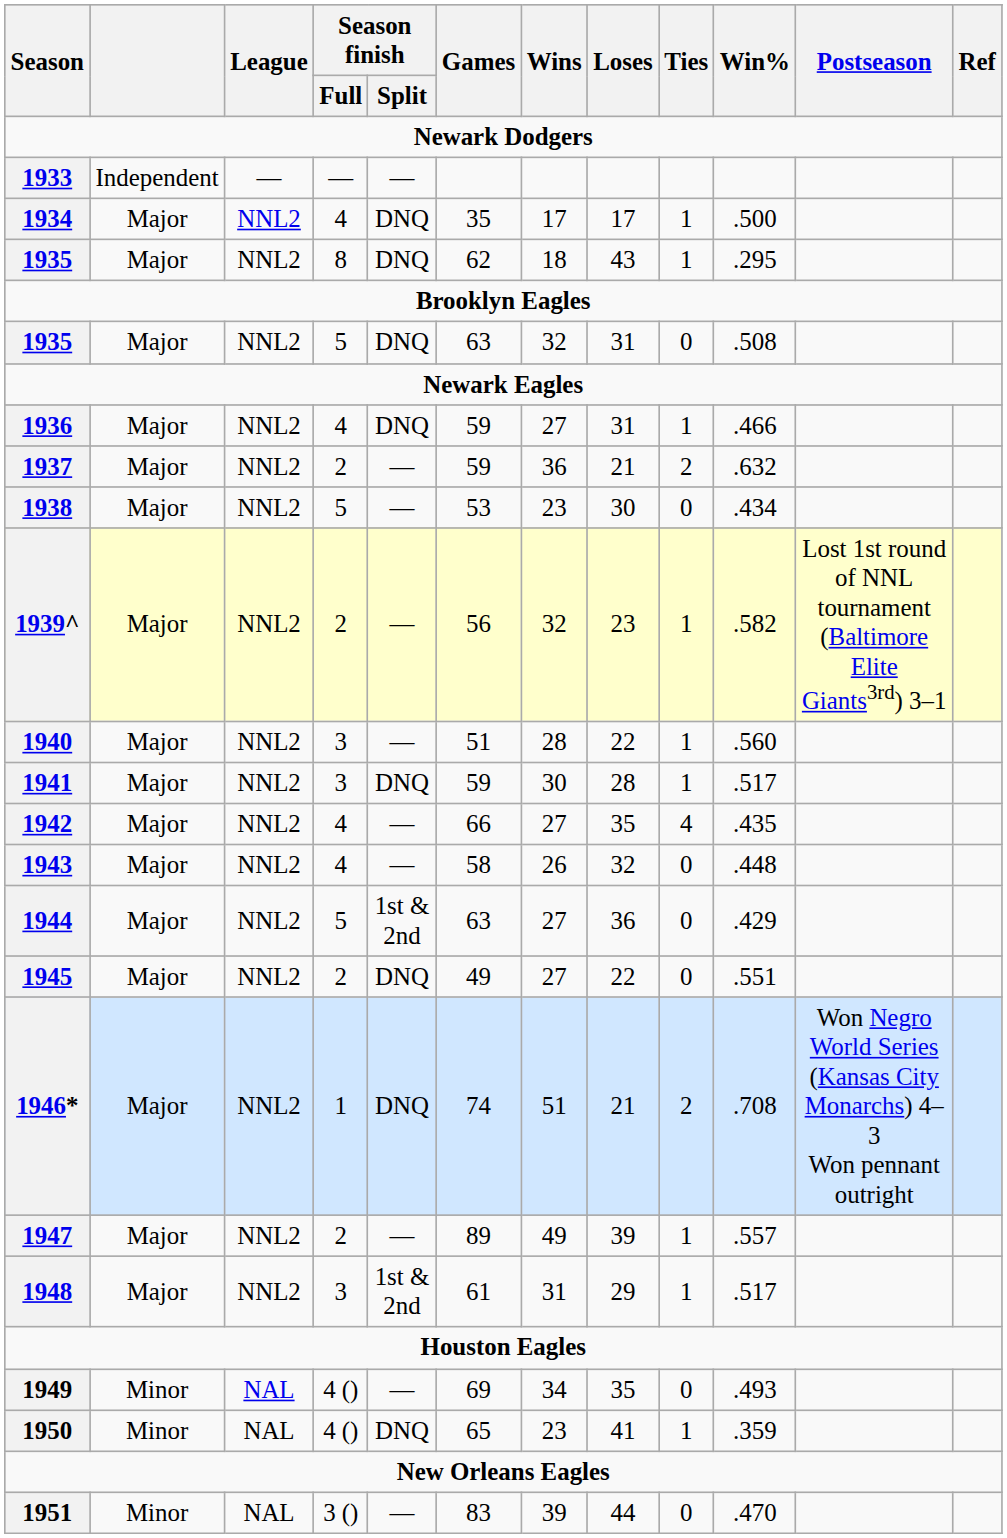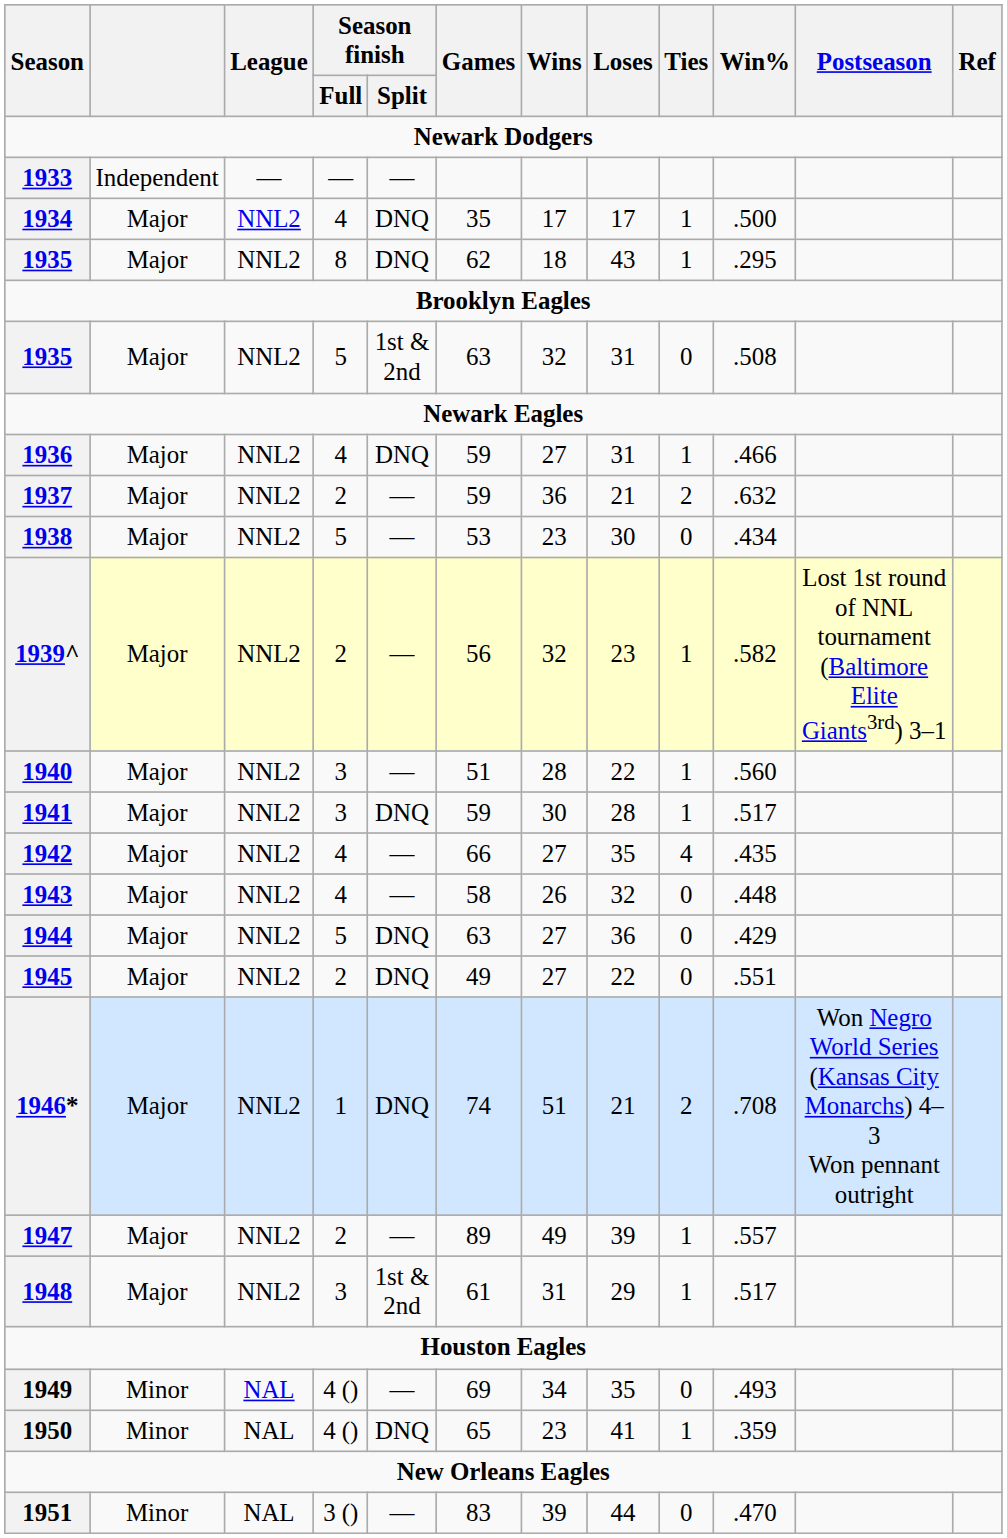 <table class="wikitable sortable" style="text-align:center; font-size:95%">
 <tr>
 <th rowspan="2">Season</th>
 <th rowspan="2"></th>
 <th rowspan="2">League</th>
 <th colspan="2">Season finish</th>
 <th rowspan="2">Games</th>
 <th rowspan="2">Wins</th>
 <th rowspan="2">Loses</th>
 <th rowspan="2">Ties</th>
 <th rowspan="2">Win%</th>
 <th rowspan="2"><a href='#'>Postseason</a></th>
 <th rowspan="2">Ref</th>
 </tr>
 <tr>
 <th>Full</th>
 <th>Split</th>
 </tr>
 <tr>
 <td align="center" colspan="12"><strong>Newark Dodgers</strong></td>
 </tr>
 <tr>
 <th><a href='#'>1933</a></th>
 <td>Independent</td>
 <td>—</td>
 <td>—</td>
 <td>—</td>
 <td></td>
 <td></td>
 <td></td>
 <td></td>
 <td></td>
 <td></td>
 <td></td>
 </tr>
 <tr>
 <th><a href='#'>1934</a></th>
 <td>Major</td>
 <td><a href='#'>NNL2</a></td>
 <td>4</td>
 <td>DNQ</td>
 <td>35</td>
 <td>17</td>
 <td>17</td>
 <td>1</td>
 <td>.500</td>
 <td></td>
 <td></td>
 </tr>
 <tr>
 <th><a href='#'>1935</a></th>
 <td>Major</td>
 <td>NNL2</td>
 <td>8</td>
 <td>DNQ</td>
 <td>62</td>
 <td>18</td>
 <td>43</td>
 <td>1</td>
 <td>.295</td>
 <td></td>
 <td></td>
 </tr>
 <tr>
 <td align="center" colspan="12"><strong>Brooklyn Eagles</strong></td>
 </tr>
 <tr>
 <th><a href='#'>1935</a></th>
 <td>Major</td>
 <td>NNL2</td>
 <td>5</td>
-<td>DNQ</td>
+<td>1st & 2nd</td>
 <td>63</td>
 <td>32</td>
 <td>31</td>
 <td>0</td>
 <td>.508</td>
 <td></td>
 <td></td>
 </tr>
 <tr>
 <td align="center" colspan="12"><strong>Newark Eagles</strong></td>
 </tr>
 <tr>
 <th><a href='#'>1936</a></th>
 <td>Major</td>
 <td>NNL2</td>
 <td>4</td>
 <td>DNQ</td>
 <td>59</td>
 <td>27</td>
 <td>31</td>
 <td>1</td>
 <td>.466</td>
 <td></td>
 <td></td>
 </tr>
 <tr>
 <th><a href='#'>1937</a></th>
 <td>Major</td>
 <td>NNL2</td>
 <td>2</td>
 <td>—</td>
 <td>59</td>
 <td>36</td>
 <td>21</td>
 <td>2</td>
 <td>.632</td>
 <td></td>
 <td></td>
 </tr>
 <tr>
 <th><a href='#'>1938</a></th>
 <td>Major</td>
 <td>NNL2</td>
 <td>5</td>
 <td>—</td>
 <td>53</td>
 <td>23</td>
 <td>30</td>
 <td>0</td>
 <td>.434</td>
 <td></td>
 <td></td>
 </tr>
 <tr bgcolor="#FFFFCC">
 <th><a href='#'>1939</a>^</th>
 <td>Major</td>
 <td>NNL2</td>
 <td>2</td>
 <td>—</td>
 <td>56</td>
 <td>32</td>
 <td>23</td>
 <td>1</td>
 <td>.582</td>
 <td>Lost 1st round of NNL tournament (<a href='#'>Baltimore Elite Giants</a><sup>3rd</sup>) 3–1</td>
 <td></td>
 </tr>
 <tr>
 <th><a href='#'>1940</a></th>
 <td>Major</td>
 <td>NNL2</td>
 <td>3</td>
 <td>—</td>
 <td>51</td>
 <td>28</td>
 <td>22</td>
 <td>1</td>
 <td>.560</td>
 <td></td>
 <td></td>
 </tr>
 <tr>
 <th><a href='#'>1941</a></th>
 <td>Major</td>
 <td>NNL2</td>
 <td>3</td>
 <td>DNQ</td>
 <td>59</td>
 <td>30</td>
 <td>28</td>
 <td>1</td>
 <td>.517</td>
 <td></td>
 <td></td>
 </tr>
 <tr>
 <th><a href='#'>1942</a></th>
 <td>Major</td>
 <td>NNL2</td>
 <td>4</td>
 <td>—</td>
 <td>66</td>
 <td>27</td>
 <td>35</td>
 <td>4</td>
 <td>.435</td>
 <td></td>
 <td></td>
 </tr>
 <tr>
 <th><a href='#'>1943</a></th>
 <td>Major</td>
 <td>NNL2</td>
 <td>4</td>
 <td>—</td>
 <td>58</td>
 <td>26</td>
 <td>32</td>
 <td>0</td>
 <td>.448</td>
 <td></td>
 <td></td>
 </tr>
 <tr>
 <th><a href='#'>1944</a></th>
 <td>Major</td>
 <td>NNL2</td>
 <td>5</td>
-<td>1st & 2nd</td>
+<td>DNQ</td>
 <td>63</td>
 <td>27</td>
 <td>36</td>
 <td>0</td>
 <td>.429</td>
 <td></td>
 <td></td>
 </tr>
 <tr>
 <th><a href='#'>1945</a></th>
 <td>Major</td>
 <td>NNL2</td>
 <td>2</td>
 <td>DNQ</td>
 <td>49</td>
 <td>27</td>
 <td>22</td>
 <td>0</td>
 <td>.551</td>
 <td></td>
 <td></td>
 </tr>
 <tr bgcolor="#D0E7FF">
 <th><a href='#'>1946</a>*</th>
 <td>Major</td>
 <td>NNL2</td>
 <td>1</td>
 <td>DNQ</td>
 <td>74</td>
 <td>51</td>
 <td>21</td>
 <td>2</td>
 <td>.708</td>
 <td>Won <a href='#'>Negro World Series</a> (<a href='#'>Kansas City Monarchs</a>) 4–3<br>Won pennant outright</td>
 <td></td>
 </tr>
 <tr>
 <th><a href='#'>1947</a></th>
 <td>Major</td>
 <td>NNL2</td>
 <td>2</td>
 <td>—</td>
 <td>89</td>
 <td>49</td>
 <td>39</td>
 <td>1</td>
 <td>.557</td>
 <td></td>
 <td></td>
 </tr>
 <tr>
 <th><a href='#'>1948</a></th>
 <td>Major</td>
 <td>NNL2</td>
 <td>3</td>
 <td>1st & 2nd</td>
 <td>61</td>
 <td>31</td>
 <td>29</td>
 <td>1</td>
 <td>.517</td>
 <td></td>
 <td></td>
 </tr>
 <tr>
 <td align="center" colspan="12"><strong>Houston Eagles</strong></td>
 </tr>
 <tr>
 <th>1949</th>
 <td>Minor</td>
 <td><a href='#'>NAL</a></td>
 <td>4 ()</td>
 <td>—</td>
 <td>69</td>
 <td>34</td>
 <td>35</td>
 <td>0</td>
 <td>.493</td>
 <td></td>
 <td></td>
 </tr>
 <tr>
 <th>1950</th>
 <td>Minor</td>
 <td>NAL</td>
 <td>4 ()</td>
 <td>DNQ</td>
 <td>65</td>
 <td>23</td>
 <td>41</td>
 <td>1</td>
 <td>.359</td>
 <td></td>
 <td></td>
 </tr>
 <tr>
 <td align="center" colspan="12"><strong>New Orleans Eagles</strong></td>
 </tr>
 <tr>
 <th>1951</th>
 <td>Minor</td>
 <td>NAL</td>
 <td>3 ()</td>
 <td>—</td>
 <td>83</td>
 <td>39</td>
 <td>44</td>
 <td>0</td>
 <td>.470</td>
 <td></td>
 <td></td>
 </tr>
 </table>
